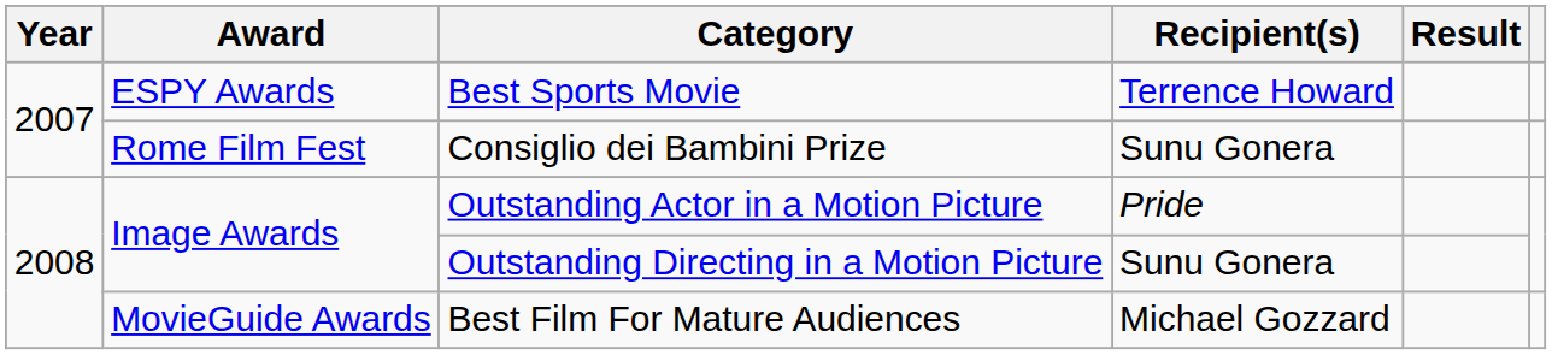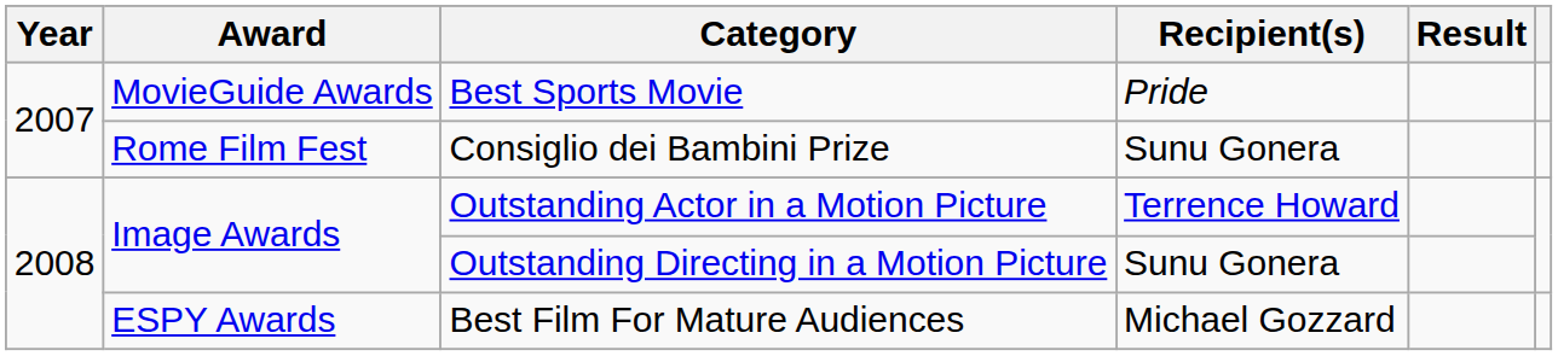 <table class="wikitable sortable">
 <tr>
 <th>Year</th>
 <th>Award</th>
 <th>Category</th>
 <th>Recipient(s)</th>
 <th>Result</th>
 <th></th>
 </tr>
 <tr>
 <td rowspan="2">2007</td>
-<td><a href='#'>ESPY Awards</a></td>
+<td><a href='#'>MovieGuide Awards</a></td>
 <td><a href='#'>Best Sports Movie</a></td>
-<td><a href='#'>Terrence Howard</a></td>
+<td><em>Pride</em></td>
 <td></td>
 <td align="center"></td>
 </tr>
 <tr>
 <td><a href='#'>Rome Film Fest</a></td>
 <td>Consiglio dei Bambini Prize</td>
 <td>Sunu Gonera</td>
 <td></td>
 <td align="center"></td>
 </tr>
 <tr>
 <td rowspan="3">2008</td>
 <td rowspan="2"><a href='#'>Image Awards</a></td>
 <td><a href='#'>Outstanding Actor in a Motion Picture</a></td>
-<td><em>Pride</em></td>
+<td><a href='#'>Terrence Howard</a></td>
 <td></td>
 <td rowspan="2" align="center"></td>
 </tr>
 <tr>
 <td><a href='#'>Outstanding Directing in a Motion Picture</a></td>
 <td>Sunu Gonera</td>
 <td></td>
 </tr>
 <tr>
-<td><a href='#'>MovieGuide Awards</a></td>
+<td><a href='#'>ESPY Awards</a></td>
 <td>Best Film For Mature Audiences</td>
 <td>Michael Gozzard</td>
 <td></td>
 <td align="center"></td>
 </tr>
 </table>
